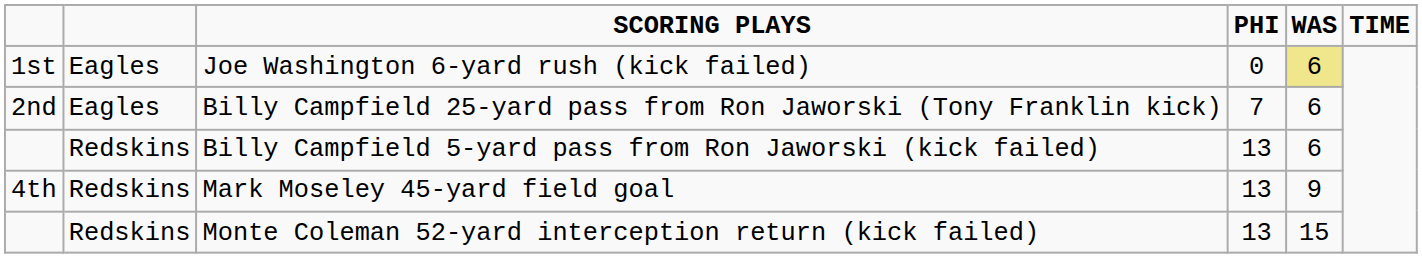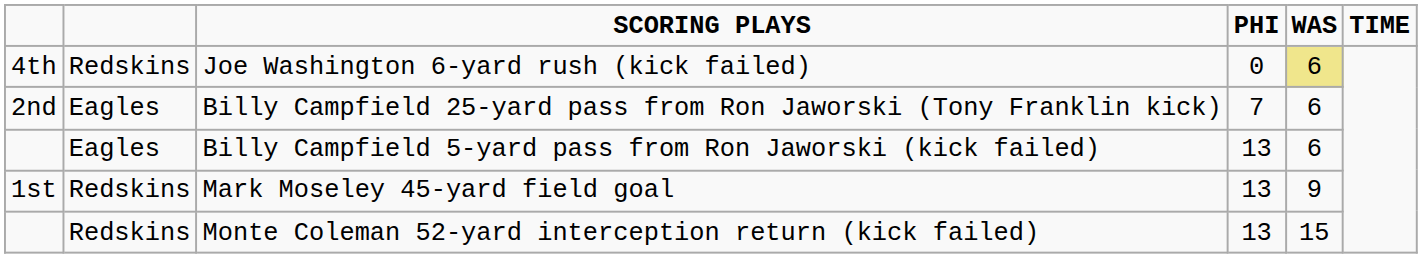 <table class="wikitable">
 <tr align="center">
 <td></td>
 <td></td>
 <td><strong>SCORING PLAYS</strong></td>
 <td><strong>PHI</strong></td>
 <td><strong>WAS</strong></td>
 <td><strong>TIME</strong></td>
 </tr>
 <tr>
-<td>1st</td>
-<td>Eagles</td>
+<td>4th</td>
+<td>Redskins</td>
 <td>Joe Washington 6-yard rush (kick failed)</td>
 <td align="center">0</td>
 <td align="center" style="background: khaki;">6</td>
 </tr>
 <tr>
 <td>2nd</td>
 <td>Eagles</td>
 <td>Billy Campfield 25-yard pass from Ron Jaworski (Tony Franklin kick)</td>
 <td align="center">7</td>
 <td align="center">6</td>
 </tr>
 <tr>
 <td></td>
-<td>Redskins</td>
+<td>Eagles</td>
 <td>Billy Campfield 5-yard pass from Ron Jaworski (kick failed)</td>
 <td align="center">13</td>
 <td align="center">6</td>
 </tr>
 <tr>
-<td>4th</td>
+<td>1st</td>
 <td>Redskins</td>
 <td>Mark Moseley 45-yard field goal</td>
 <td align="center">13</td>
 <td align="center">9</td>
 </tr>
 <tr>
 <td></td>
 <td>Redskins</td>
 <td>Monte Coleman 52-yard interception return (kick failed)</td>
 <td align="center">13</td>
 <td align="center">15</td>
 </tr>
 </table>
